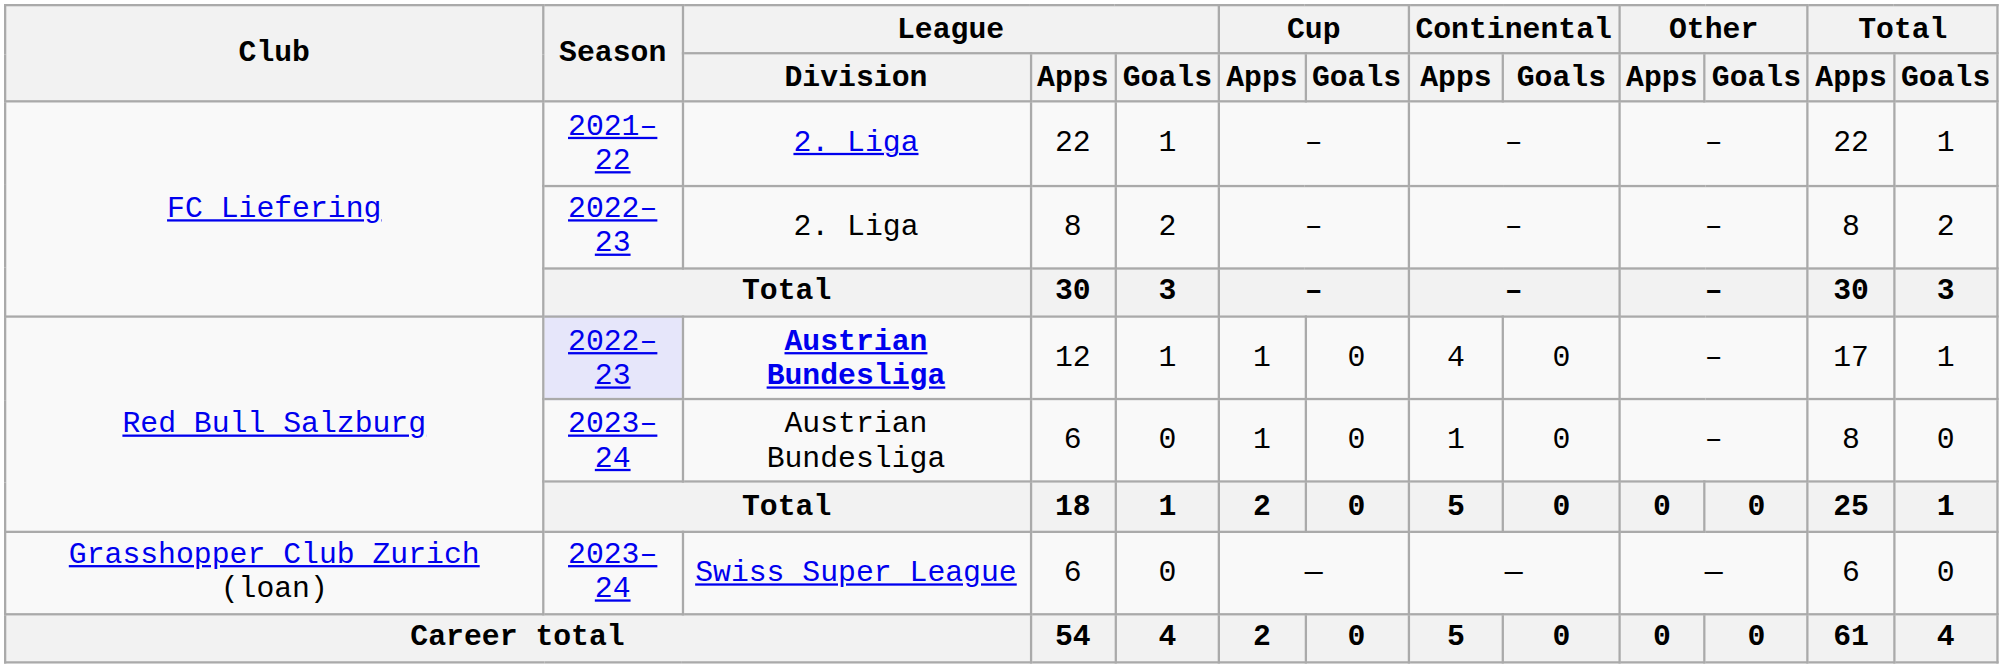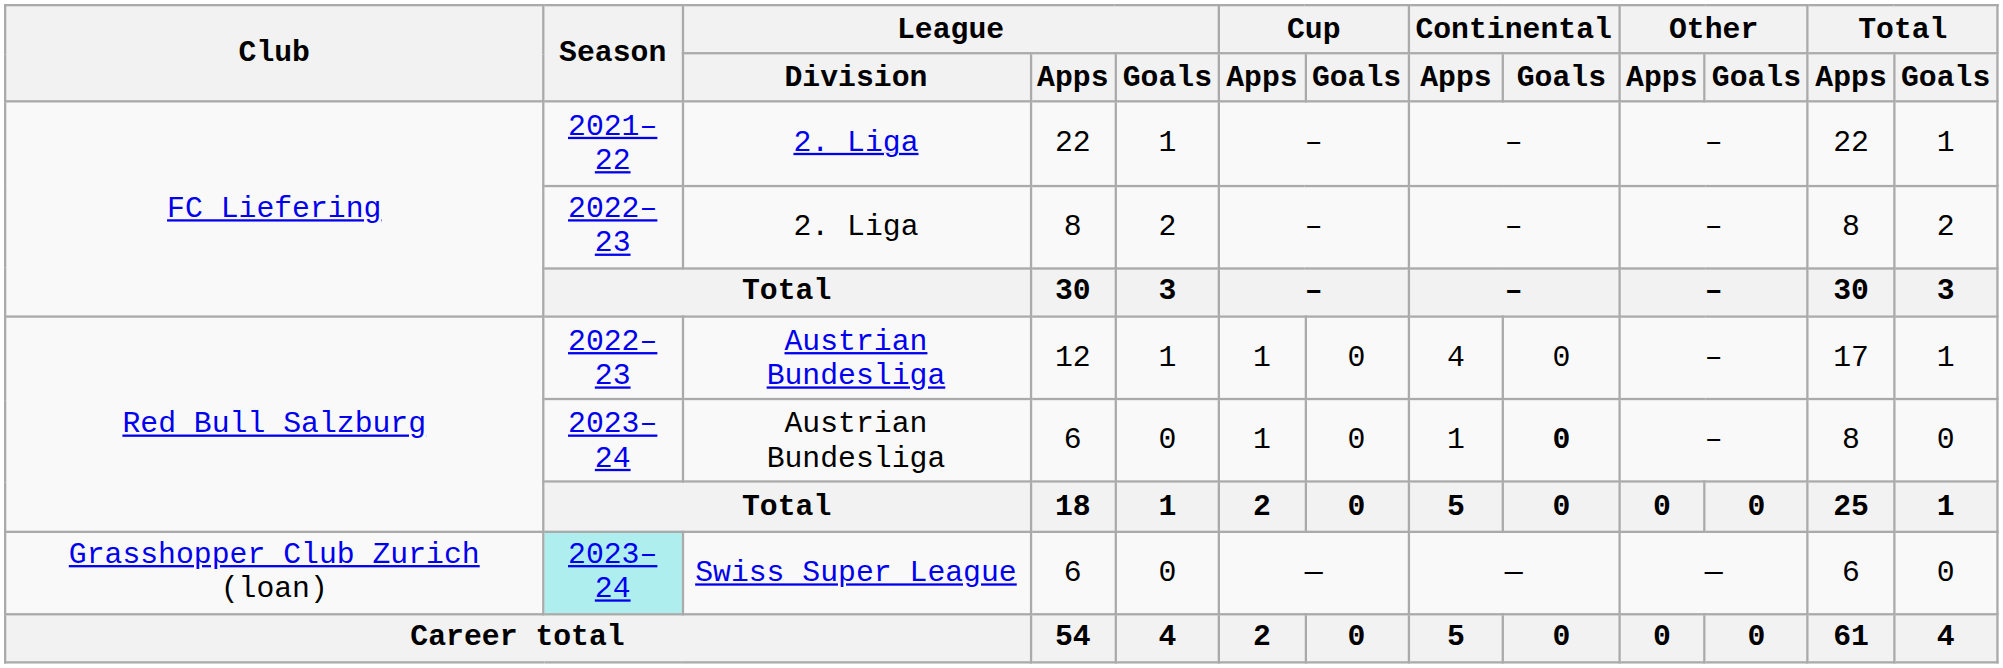 <table class="wikitable" style="text-align: center">
 <tr>
 <th rowspan="2">Club</th>
 <th rowspan="2">Season</th>
 <th colspan="3">League</th>
 <th colspan="2">Cup</th>
 <th colspan="2">Continental</th>
 <th colspan="2">Other</th>
 <th colspan="2">Total</th>
 </tr>
 <tr>
 <th>Division</th>
 <th>Apps</th>
 <th>Goals</th>
 <th>Apps</th>
 <th>Goals</th>
 <th>Apps</th>
 <th>Goals</th>
 <th>Apps</th>
 <th>Goals</th>
 <th>Apps</th>
 <th>Goals</th>
 </tr>
 <tr>
 <td rowspan="3"><a href='#'>FC Liefering</a></td>
 <td><a href='#'>2021–22</a></td>
 <td><a href='#'>2. Liga</a></td>
 <td>22</td>
 <td>1</td>
 <td colspan="2">–</td>
 <td colspan="2">–</td>
 <td colspan="2">–</td>
 <td>22</td>
 <td>1</td>
 </tr>
 <tr>
 <td><a href='#'>2022–23</a></td>
 <td>2. Liga</td>
 <td>8</td>
 <td>2</td>
 <td colspan="2">–</td>
 <td colspan="2">–</td>
 <td colspan="2">–</td>
 <td>8</td>
 <td>2</td>
 </tr>
 <tr>
 <th colspan="2">Total</th>
 <th>30</th>
 <th>3</th>
 <th colspan="2">–</th>
 <th colspan="2">–</th>
 <th colspan="2">–</th>
 <th>30</th>
 <th>3</th>
 </tr>
 <tr>
 <td rowspan="3"><a href='#'>Red Bull Salzburg</a></td>
-<td style="background: lavender;"><a href='#'>2022–23</a></td>
-<td><strong><a href='#'>Austrian Bundesliga</a></strong></td>
+<td><a href='#'>2022–23</a></td>
+<td><a href='#'>Austrian Bundesliga</a></td>
 <td>12</td>
 <td>1</td>
 <td>1</td>
 <td>0</td>
 <td>4</td>
 <td>0</td>
 <td colspan="2">–</td>
 <td>17</td>
 <td>1</td>
 </tr>
 <tr>
 <td><a href='#'>2023–24</a></td>
 <td>Austrian Bundesliga</td>
 <td>6</td>
 <td>0</td>
 <td>1</td>
 <td>0</td>
 <td>1</td>
-<td>0</td>
+<td><strong>0</strong></td>
 <td colspan="2">–</td>
 <td>8</td>
 <td>0</td>
 </tr>
 <tr>
 <th colspan="2">Total</th>
 <th>18</th>
 <th>1</th>
 <th>2</th>
 <th>0</th>
 <th>5</th>
 <th>0</th>
 <th>0</th>
 <th>0</th>
 <th>25</th>
 <th>1</th>
 </tr>
 <tr>
 <td><a href='#'>Grasshopper Club Zurich</a> (loan)</td>
-<td><a href='#'>2023–24</a></td>
+<td style="background: paleturquoise;"><a href='#'>2023–24</a></td>
 <td><a href='#'>Swiss Super League</a></td>
 <td>6</td>
 <td>0</td>
 <td colspan="2">—</td>
 <td colspan="2">—</td>
 <td colspan="2">—</td>
 <td>6</td>
 <td>0</td>
 </tr>
 <tr>
 <th colspan="3">Career total</th>
 <th>54</th>
 <th>4</th>
 <th>2</th>
 <th>0</th>
 <th>5</th>
 <th>0</th>
 <th>0</th>
 <th>0</th>
 <th>61</th>
 <th>4</th>
 </tr>
 </table>
